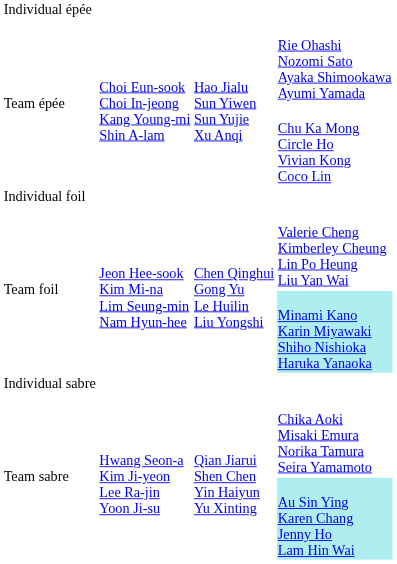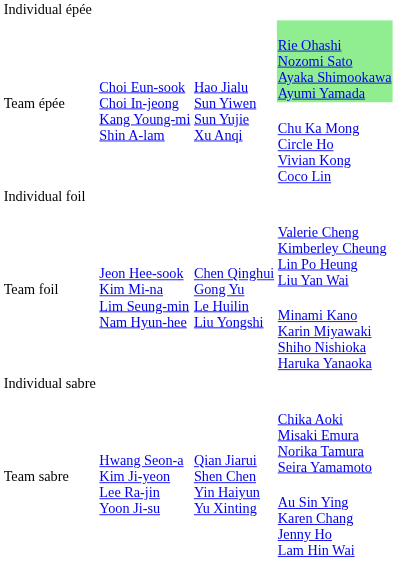 <table>
 <tr>
 <td rowspan=2>Individual épée</td>
 <td rowspan=2></td>
 <td rowspan=2></td>
 <td></td>
 </tr>
 <tr>
 <td></td>
 </tr>
 <tr>
 <td rowspan=2>Team épée</td>
 <td rowspan=2><br><a href='#'>Choi Eun-sook</a><br><a href='#'>Choi In-jeong</a><br><a href='#'>Kang Young-mi</a><br><a href='#'>Shin A-lam</a></td>
 <td rowspan=2><br><a href='#'>Hao Jialu</a><br><a href='#'>Sun Yiwen</a><br><a href='#'>Sun Yujie</a><br><a href='#'>Xu Anqi</a></td>
-<td><br><a href='#'>Rie Ohashi</a><br><a href='#'>Nozomi Sato</a><br><a href='#'>Ayaka Shimookawa</a><br><a href='#'>Ayumi Yamada</a></td>
+<td style="background: lightgreen;"><br><a href='#'>Rie Ohashi</a><br><a href='#'>Nozomi Sato</a><br><a href='#'>Ayaka Shimookawa</a><br><a href='#'>Ayumi Yamada</a></td>
 </tr>
 <tr>
 <td><br><a href='#'>Chu Ka Mong</a><br><a href='#'>Circle Ho</a><br><a href='#'>Vivian Kong</a><br><a href='#'>Coco Lin</a></td>
 </tr>
 <tr>
 <td rowspan=2>Individual foil</td>
 <td rowspan=2></td>
 <td rowspan=2></td>
 <td></td>
 </tr>
 <tr>
 <td></td>
 </tr>
 <tr>
 <td rowspan=2>Team foil</td>
 <td rowspan=2><br><a href='#'>Jeon Hee-sook</a><br><a href='#'>Kim Mi-na</a><br><a href='#'>Lim Seung-min</a><br><a href='#'>Nam Hyun-hee</a></td>
 <td rowspan=2><br><a href='#'>Chen Qinghui</a><br><a href='#'>Gong Yu</a><br><a href='#'>Le Huilin</a><br><a href='#'>Liu Yongshi</a></td>
 <td><br><a href='#'>Valerie Cheng</a><br><a href='#'>Kimberley Cheung</a><br><a href='#'>Lin Po Heung</a><br><a href='#'>Liu Yan Wai</a></td>
 </tr>
 <tr>
-<td style="background: paleturquoise;"><br><a href='#'>Minami Kano</a><br><a href='#'>Karin Miyawaki</a><br><a href='#'>Shiho Nishioka</a><br><a href='#'>Haruka Yanaoka</a></td>
+<td><br><a href='#'>Minami Kano</a><br><a href='#'>Karin Miyawaki</a><br><a href='#'>Shiho Nishioka</a><br><a href='#'>Haruka Yanaoka</a></td>
 </tr>
 <tr>
 <td rowspan=2>Individual sabre</td>
 <td rowspan=2></td>
 <td rowspan=2></td>
 <td></td>
 </tr>
 <tr>
 <td></td>
 </tr>
 <tr>
 <td rowspan=2>Team sabre</td>
 <td rowspan=2><br><a href='#'>Hwang Seon-a</a><br><a href='#'>Kim Ji-yeon</a><br><a href='#'>Lee Ra-jin</a><br><a href='#'>Yoon Ji-su</a></td>
 <td rowspan=2><br><a href='#'>Qian Jiarui</a><br><a href='#'>Shen Chen</a><br><a href='#'>Yin Haiyun</a><br><a href='#'>Yu Xinting</a></td>
 <td><br><a href='#'>Chika Aoki</a><br><a href='#'>Misaki Emura</a><br><a href='#'>Norika Tamura</a><br><a href='#'>Seira Yamamoto</a></td>
 </tr>
 <tr>
-<td style="background: paleturquoise;"><br><a href='#'>Au Sin Ying</a><br><a href='#'>Karen Chang</a><br><a href='#'>Jenny Ho</a><br><a href='#'>Lam Hin Wai</a></td>
+<td><br><a href='#'>Au Sin Ying</a><br><a href='#'>Karen Chang</a><br><a href='#'>Jenny Ho</a><br><a href='#'>Lam Hin Wai</a></td>
 </tr>
 </table>
